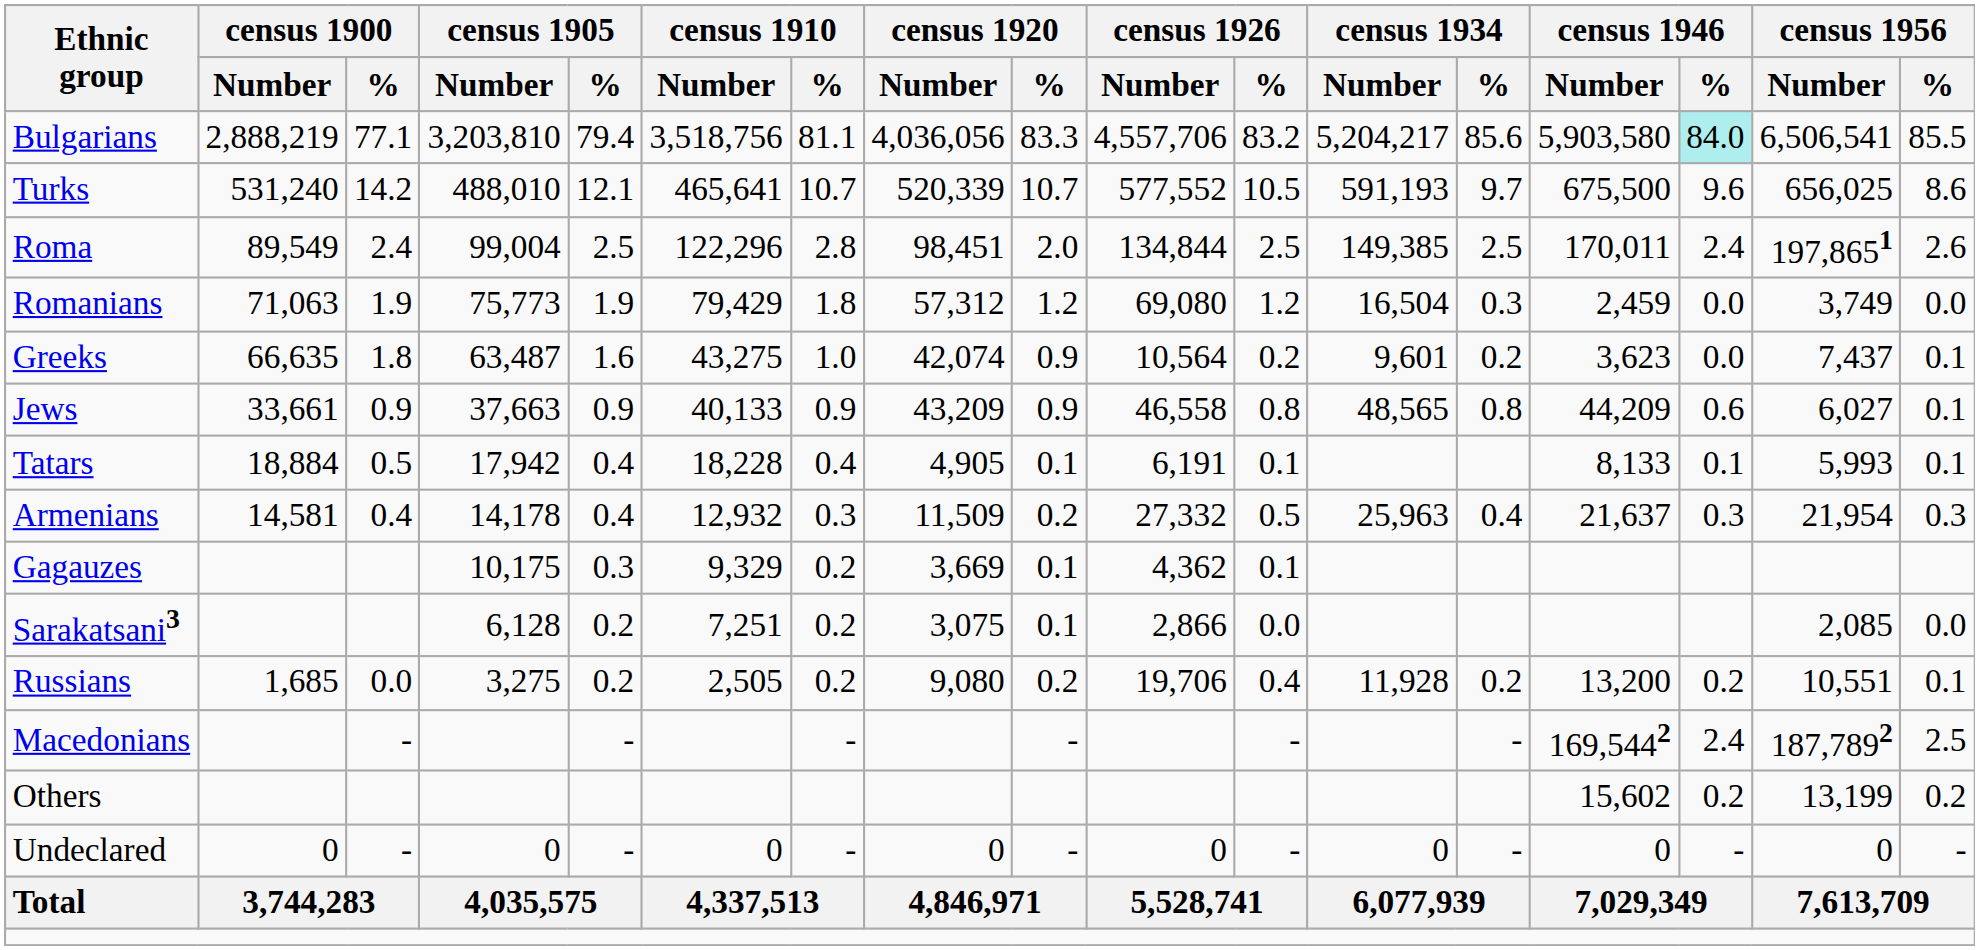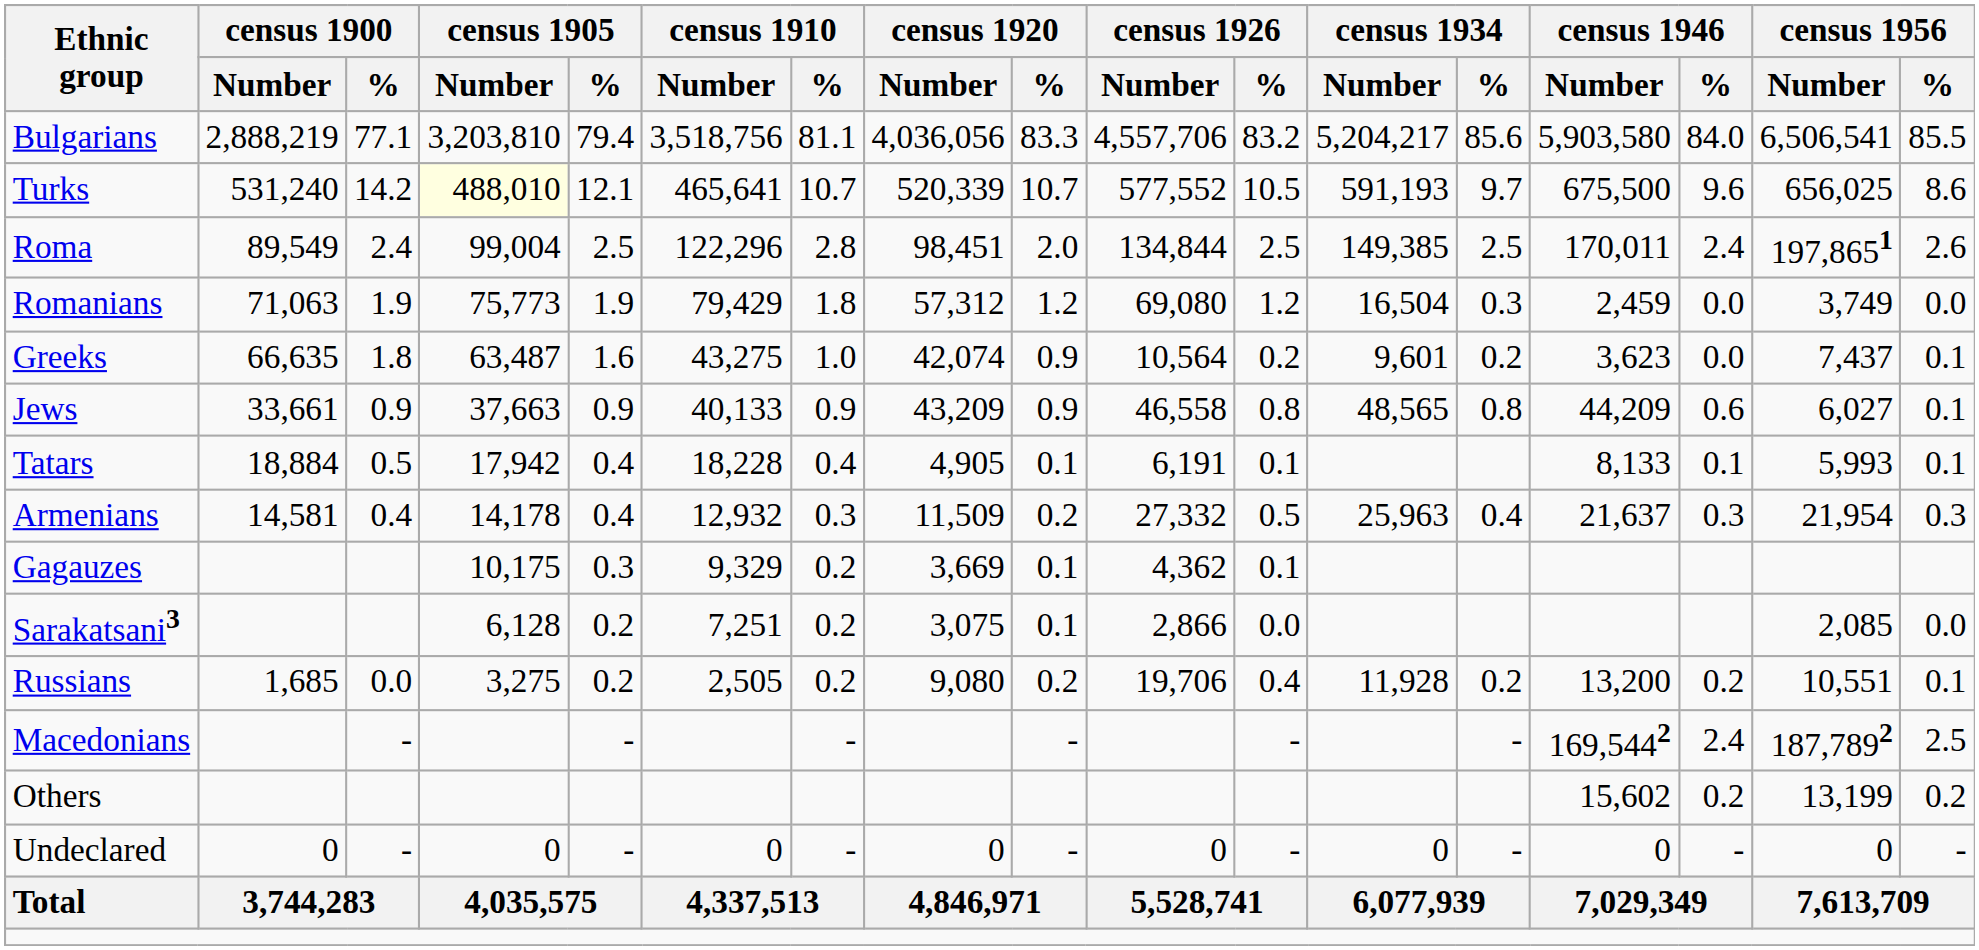 <table class="wikitable">
 <tr style="background:#e0e0e0;">
 <th rowspan="2" style="width:160pt;">Ethnic group</th>
 <th colspan="2">census 1900</th>
 <th colspan="2">census 1905</th>
 <th colspan="2">census 1910</th>
 <th colspan="2">census 1920</th>
 <th colspan="2">census 1926</th>
 <th colspan="2">census 1934</th>
 <th colspan="2">census 1946</th>
 <th colspan="2">census 1956</th>
 </tr>
 <tr style="background:#e0e0e0;">
 <th style="width:50pt;">Number</th>
 <th style="width:15pt;">%</th>
 <th style="width:50pt;">Number</th>
 <th style="width:15pt;">%</th>
 <th style="width:50pt;">Number</th>
 <th style="width:15pt;">%</th>
 <th style="width:50pt;">Number</th>
 <th style="width:15pt;">%</th>
 <th style="width:50pt;">Number</th>
 <th style="width:15pt;">%</th>
 <th style="width:50pt;">Number</th>
 <th style="width:15pt;">%</th>
 <th style="width:50pt;">Number</th>
 <th style="width:15pt;">%</th>
 <th style="width:50pt;">Number</th>
 <th style="width:15pt;">%</th>
 </tr>
 <tr>
 <td><a href='#'>Bulgarians</a></td>
 <td style="text-align:right;">2,888,219</td>
 <td style="text-align:right;">77.1</td>
 <td style="text-align:right;">3,203,810</td>
 <td style="text-align:right;">79.4</td>
 <td style="text-align:right;">3,518,756</td>
 <td style="text-align:right;">81.1</td>
 <td style="text-align:right;">4,036,056</td>
 <td style="text-align:right;">83.3</td>
 <td style="text-align:right;">4,557,706</td>
 <td style="text-align:right;">83.2</td>
 <td style="text-align:right;">5,204,217</td>
 <td style="text-align:right;">85.6</td>
 <td style="text-align:right;">5,903,580</td>
-<td style="background: paleturquoise; text-align:right;">84.0</td>
+<td style="text-align:right;">84.0</td>
 <td style="text-align:right;">6,506,541</td>
 <td style="text-align:right;">85.5</td>
 </tr>
 <tr>
 <td><a href='#'>Turks</a></td>
 <td style="text-align:right;">531,240</td>
 <td style="text-align:right;">14.2</td>
-<td style="text-align:right;">488,010</td>
+<td style="background: lightyellow; text-align:right;">488,010</td>
 <td style="text-align:right;">12.1</td>
 <td style="text-align:right;">465,641</td>
 <td style="text-align:right;">10.7</td>
 <td style="text-align:right;">520,339</td>
 <td style="text-align:right;">10.7</td>
 <td style="text-align:right;">577,552</td>
 <td style="text-align:right;">10.5</td>
 <td style="text-align:right;">591,193</td>
 <td style="text-align:right;">9.7</td>
 <td style="text-align:right;">675,500</td>
 <td style="text-align:right;">9.6</td>
 <td style="text-align:right;">656,025</td>
 <td style="text-align:right;">8.6</td>
 </tr>
 <tr>
 <td><a href='#'>Roma</a></td>
 <td style="text-align:right;">89,549</td>
 <td style="text-align:right;">2.4</td>
 <td style="text-align:right;">99,004</td>
 <td style="text-align:right;">2.5</td>
 <td style="text-align:right;">122,296</td>
 <td style="text-align:right;">2.8</td>
 <td style="text-align:right;">98,451</td>
 <td style="text-align:right;">2.0</td>
 <td style="text-align:right;">134,844</td>
 <td style="text-align:right;">2.5</td>
 <td style="text-align:right;">149,385</td>
 <td style="text-align:right;">2.5</td>
 <td style="text-align:right;">170,011</td>
 <td style="text-align:right;">2.4</td>
 <td style="text-align:right;">197,865<sup><strong>1</strong></sup></td>
 <td style="text-align:right;">2.6</td>
 </tr>
 <tr>
 <td><a href='#'>Romanians</a></td>
 <td style="text-align:right;">71,063</td>
 <td style="text-align:right;">1.9</td>
 <td style="text-align:right;">75,773</td>
 <td style="text-align:right;">1.9</td>
 <td style="text-align:right;">79,429</td>
 <td style="text-align:right;">1.8</td>
 <td style="text-align:right;">57,312</td>
 <td style="text-align:right;">1.2</td>
 <td style="text-align:right;">69,080</td>
 <td style="text-align:right;">1.2</td>
 <td style="text-align:right;">16,504</td>
 <td style="text-align:right;">0.3</td>
 <td style="text-align:right;">2,459</td>
 <td style="text-align:right;">0.0</td>
 <td style="text-align:right;">3,749</td>
 <td style="text-align:right;">0.0</td>
 </tr>
 <tr>
 <td><a href='#'>Greeks</a></td>
 <td style="text-align:right;">66,635</td>
 <td style="text-align:right;">1.8</td>
 <td style="text-align:right;">63,487</td>
 <td style="text-align:right;">1.6</td>
 <td style="text-align:right;">43,275</td>
 <td style="text-align:right;">1.0</td>
 <td style="text-align:right;">42,074</td>
 <td style="text-align:right;">0.9</td>
 <td style="text-align:right;">10,564</td>
 <td style="text-align:right;">0.2</td>
 <td style="text-align:right;">9,601</td>
 <td style="text-align:right;">0.2</td>
 <td style="text-align:right;">3,623</td>
 <td style="text-align:right;">0.0</td>
 <td style="text-align:right;">7,437</td>
 <td style="text-align:right;">0.1</td>
 </tr>
 <tr>
 <td><a href='#'>Jews</a></td>
 <td style="text-align:right;">33,661</td>
 <td style="text-align:right;">0.9</td>
 <td style="text-align:right;">37,663</td>
 <td style="text-align:right;">0.9</td>
 <td style="text-align:right;">40,133</td>
 <td style="text-align:right;">0.9</td>
 <td style="text-align:right;">43,209</td>
 <td style="text-align:right;">0.9</td>
 <td style="text-align:right;">46,558</td>
 <td style="text-align:right;">0.8</td>
 <td style="text-align:right;">48,565</td>
 <td style="text-align:right;">0.8</td>
 <td style="text-align:right;">44,209</td>
 <td style="text-align:right;">0.6</td>
 <td style="text-align:right;">6,027</td>
 <td style="text-align:right;">0.1</td>
 </tr>
 <tr>
 <td><a href='#'>Tatars</a></td>
 <td style="text-align:right;">18,884</td>
 <td style="text-align:right;">0.5</td>
 <td style="text-align:right;">17,942</td>
 <td style="text-align:right;">0.4</td>
 <td style="text-align:right;">18,228</td>
 <td style="text-align:right;">0.4</td>
 <td style="text-align:right;">4,905</td>
 <td style="text-align:right;">0.1</td>
 <td style="text-align:right;">6,191</td>
 <td style="text-align:right;">0.1</td>
 <td style="text-align:right;"></td>
 <td style="text-align:right;"></td>
 <td style="text-align:right;">8,133</td>
 <td style="text-align:right;">0.1</td>
 <td style="text-align:right;">5,993</td>
 <td style="text-align:right;">0.1</td>
 </tr>
 <tr>
 <td><a href='#'>Armenians</a></td>
 <td style="text-align:right;">14,581</td>
 <td style="text-align:right;">0.4</td>
 <td style="text-align:right;">14,178</td>
 <td style="text-align:right;">0.4</td>
 <td style="text-align:right;">12,932</td>
 <td style="text-align:right;">0.3</td>
 <td style="text-align:right;">11,509</td>
 <td style="text-align:right;">0.2</td>
 <td style="text-align:right;">27,332</td>
 <td style="text-align:right;">0.5</td>
 <td style="text-align:right;">25,963</td>
 <td style="text-align:right;">0.4</td>
 <td style="text-align:right;">21,637</td>
 <td style="text-align:right;">0.3</td>
 <td style="text-align:right;">21,954</td>
 <td style="text-align:right;">0.3</td>
 </tr>
 <tr>
 <td><a href='#'>Gagauzes</a></td>
 <td style="text-align:right;"></td>
 <td style="text-align:right;"></td>
 <td style="text-align:right;">10,175</td>
 <td style="text-align:right;">0.3</td>
 <td style="text-align:right;">9,329</td>
 <td style="text-align:right;">0.2</td>
 <td style="text-align:right;">3,669</td>
 <td style="text-align:right;">0.1</td>
 <td style="text-align:right;">4,362</td>
 <td style="text-align:right;">0.1</td>
 <td style="text-align:right;"></td>
 <td style="text-align:right;"></td>
 <td style="text-align:right;"></td>
 <td style="text-align:right;"></td>
 <td style="text-align:right;"></td>
 <td style="text-align:right;"></td>
 </tr>
 <tr>
 <td><a href='#'>Sarakatsani</a><sup><strong>3</strong></sup></td>
 <td style="text-align:right;"></td>
 <td style="text-align:right;"></td>
 <td style="text-align:right;">6,128</td>
 <td style="text-align:right;">0.2</td>
 <td style="text-align:right;">7,251</td>
 <td style="text-align:right;">0.2</td>
 <td style="text-align:right;">3,075</td>
 <td style="text-align:right;">0.1</td>
 <td style="text-align:right;">2,866</td>
 <td style="text-align:right;">0.0</td>
 <td style="text-align:right;"></td>
 <td style="text-align:right;"></td>
 <td style="text-align:right;"></td>
 <td style="text-align:right;"></td>
 <td style="text-align:right;">2,085</td>
 <td style="text-align:right;">0.0</td>
 </tr>
 <tr>
 <td><a href='#'>Russians</a></td>
 <td style="text-align:right;">1,685</td>
 <td style="text-align:right;">0.0</td>
 <td style="text-align:right;">3,275</td>
 <td style="text-align:right;">0.2</td>
 <td style="text-align:right;">2,505</td>
 <td style="text-align:right;">0.2</td>
 <td style="text-align:right;">9,080</td>
 <td style="text-align:right;">0.2</td>
 <td style="text-align:right;">19,706</td>
 <td style="text-align:right;">0.4</td>
 <td style="text-align:right;">11,928</td>
 <td style="text-align:right;">0.2</td>
 <td style="text-align:right;">13,200</td>
 <td style="text-align:right;">0.2</td>
 <td style="text-align:right;">10,551</td>
 <td style="text-align:right;">0.1</td>
 </tr>
 <tr>
 <td><a href='#'>Macedonians</a></td>
 <td style="text-align:right;"></td>
 <td style="text-align:right;">-</td>
 <td style="text-align:right;"></td>
 <td style="text-align:right;">-</td>
 <td style="text-align:right;"></td>
 <td style="text-align:right;">-</td>
 <td style="text-align:right;"></td>
 <td style="text-align:right;">-</td>
 <td style="text-align:right;"></td>
 <td style="text-align:right;">-</td>
 <td style="text-align:right;"></td>
 <td style="text-align:right;">-</td>
 <td style="text-align:right;">169,544<sup><strong>2</strong></sup></td>
 <td style="text-align:right;">2.4</td>
 <td style="text-align:right;">187,789<sup><strong>2</strong></sup></td>
 <td style="text-align:right;">2.5</td>
 </tr>
 <tr>
 <td>Others</td>
 <td style="text-align:right;"></td>
 <td style="text-align:right;"></td>
 <td style="text-align:right;"></td>
 <td style="text-align:right;"></td>
 <td style="text-align:right;"></td>
 <td style="text-align:right;"></td>
 <td style="text-align:right;"></td>
 <td style="text-align:right;"></td>
 <td style="text-align:right;"></td>
 <td style="text-align:right;"></td>
 <td style="text-align:right;"></td>
 <td style="text-align:right;"></td>
 <td style="text-align:right;">15,602</td>
 <td style="text-align:right;">0.2</td>
 <td style="text-align:right;">13,199</td>
 <td style="text-align:right;">0.2</td>
 </tr>
 <tr>
 <td>Undeclared</td>
 <td style="text-align:right;">0</td>
 <td style="text-align:right;">-</td>
 <td style="text-align:right;">0</td>
 <td style="text-align:right;">-</td>
 <td style="text-align:right;">0</td>
 <td style="text-align:right;">-</td>
 <td style="text-align:right;">0</td>
 <td style="text-align:right;">-</td>
 <td style="text-align:right;">0</td>
 <td style="text-align:right;">-</td>
 <td style="text-align:right;">0</td>
 <td style="text-align:right;">-</td>
 <td style="text-align:right;">0</td>
 <td style="text-align:right;">-</td>
 <td style="text-align:right;">0</td>
 <td style="text-align:right;">-</td>
 </tr>
 <tr style="background:#e0e0e0;">
 <th style="text-align:left;">Total</th>
 <th colspan="2">3,744,283</th>
 <th colspan="2">4,035,575</th>
 <th colspan="2">4,337,513</th>
 <th colspan="2">4,846,971</th>
 <th colspan="2">5,528,741</th>
 <th colspan="2">6,077,939</th>
 <th colspan="2">7,029,349</th>
 <th colspan="2">7,613,709</th>
 </tr>
 <tr>
 <td colspan="27"></td>
 </tr>
 </table>
